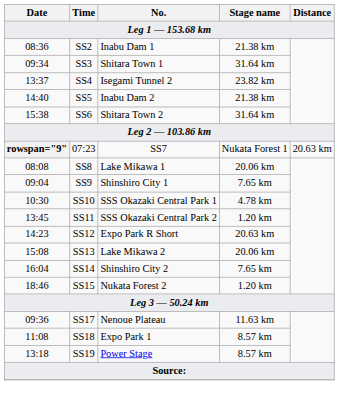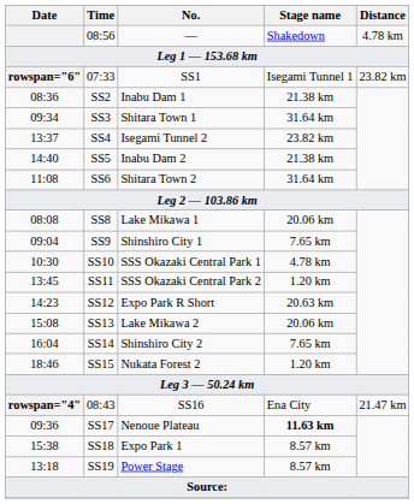 <table class="wikitable" style="font-size: 85%;">
 <tr>
 <th>Date</th>
 <th>Time</th>
 <th>No.</th>
 <th>Stage name</th>
 <th>Distance</th>
 </tr>
 <tr>
+<th></th>
+<td align="center">08:56</td>
+<td align="center">—</td>
+<td><a href='#'>Shakedown</a></td>
+<td align="center">4.78 km</td>
+</tr>
+<tr>
 <td style="background-color:#EAECF0; text-align:center" colspan="5"><strong><em>Leg 1 — 153.68 km</em></strong></td>
+</tr>
+<tr>
+<th>rowspan="6" </th>
+<td align="center">07:33</td>
+<td align="center">SS1</td>
+<td>Isegami Tunnel 1</td>
+<td align="center">23.82 km</td>
 </tr>
 <tr>
 <td align="center">08:36</td>
 <td align="center">SS2</td>
 <td>Inabu Dam 1</td>
 <td align="center">21.38 km</td>
 </tr>
 <tr>
 <td align="center">09:34</td>
 <td align="center">SS3</td>
 <td>Shitara Town 1</td>
 <td align="center">31.64 km</td>
 </tr>
 <tr>
 <td align="center">13:37</td>
 <td align="center">SS4</td>
 <td>Isegami Tunnel 2</td>
 <td align="center">23.82 km</td>
 </tr>
 <tr>
 <td align="center">14:40</td>
 <td align="center">SS5</td>
 <td>Inabu Dam 2</td>
 <td align="center">21.38 km</td>
 </tr>
 <tr>
-<td align="center">15:38</td>
+<td align="center">11:08</td>
 <td align="center">SS6</td>
 <td>Shitara Town 2</td>
 <td align="center">31.64 km</td>
 </tr>
 <tr>
 <td style="background-color:#EAECF0; text-align:center" colspan="5"><strong><em>Leg 2 — 103.86 km</em></strong></td>
-</tr>
-<tr>
-<th>rowspan="9" </th>
-<td align="center">07:23</td>
-<td align="center">SS7</td>
-<td>Nukata Forest 1</td>
-<td align="center">20.63 km</td>
 </tr>
 <tr>
 <td align="center">08:08</td>
 <td align="center">SS8</td>
 <td>Lake Mikawa 1</td>
 <td align="center">20.06 km</td>
 </tr>
 <tr>
 <td align="center">09:04</td>
 <td align="center">SS9</td>
 <td>Shinshiro City 1</td>
 <td align="center">7.65 km</td>
 </tr>
 <tr>
 <td align="center">10:30</td>
 <td align="center">SS10</td>
 <td>SSS Okazaki Central Park 1</td>
 <td align="center">4.78 km</td>
 </tr>
 <tr>
 <td align="center">13:45</td>
 <td align="center">SS11</td>
 <td>SSS Okazaki Central Park 2</td>
 <td align="center">1.20 km</td>
 </tr>
 <tr>
 <td align="center">14:23</td>
 <td align="center">SS12</td>
 <td>Expo Park R Short</td>
 <td align="center">20.63 km</td>
 </tr>
 <tr>
 <td align="center">15:08</td>
 <td align="center">SS13</td>
 <td>Lake Mikawa 2</td>
 <td align="center">20.06 km</td>
 </tr>
 <tr>
 <td align="center">16:04</td>
 <td align="center">SS14</td>
 <td>Shinshiro City 2</td>
 <td align="center">7.65 km</td>
 </tr>
 <tr>
 <td align="center">18:46</td>
 <td align="center">SS15</td>
 <td>Nukata Forest 2</td>
 <td align="center">1.20 km</td>
 </tr>
 <tr>
 <td style="background-color:#EAECF0; text-align:center" colspan="5"><strong><em>Leg 3 — 50.24 km</em></strong></td>
 </tr>
 <tr>
+<th>rowspan="4" </th>
+<td align="center">08:43</td>
+<td align="center">SS16</td>
+<td>Ena City</td>
+<td align="center">21.47 km</td>
+</tr>
+<tr>
 <td align="center">09:36</td>
 <td align="center">SS17</td>
 <td>Nenoue Plateau</td>
-<td align="center">11.63 km</td>
+<td align="center"><strong>11.63 km</strong></td>
 </tr>
 <tr>
-<td align="center">11:08</td>
+<td align="center">15:38</td>
 <td align="center">SS18</td>
 <td>Expo Park 1</td>
 <td align="center">8.57 km</td>
 </tr>
 <tr>
 <td align="center">13:18</td>
 <td align="center">SS19</td>
 <td><a href='#'>Power Stage</a></td>
 <td align="center">8.57 km</td>
 </tr>
 <tr>
 <td style="background-color:#EAECF0; text-align:center" colspan="5"><strong>Source:</strong></td>
 </tr>
 <tr>
 </tr>
 </table>
